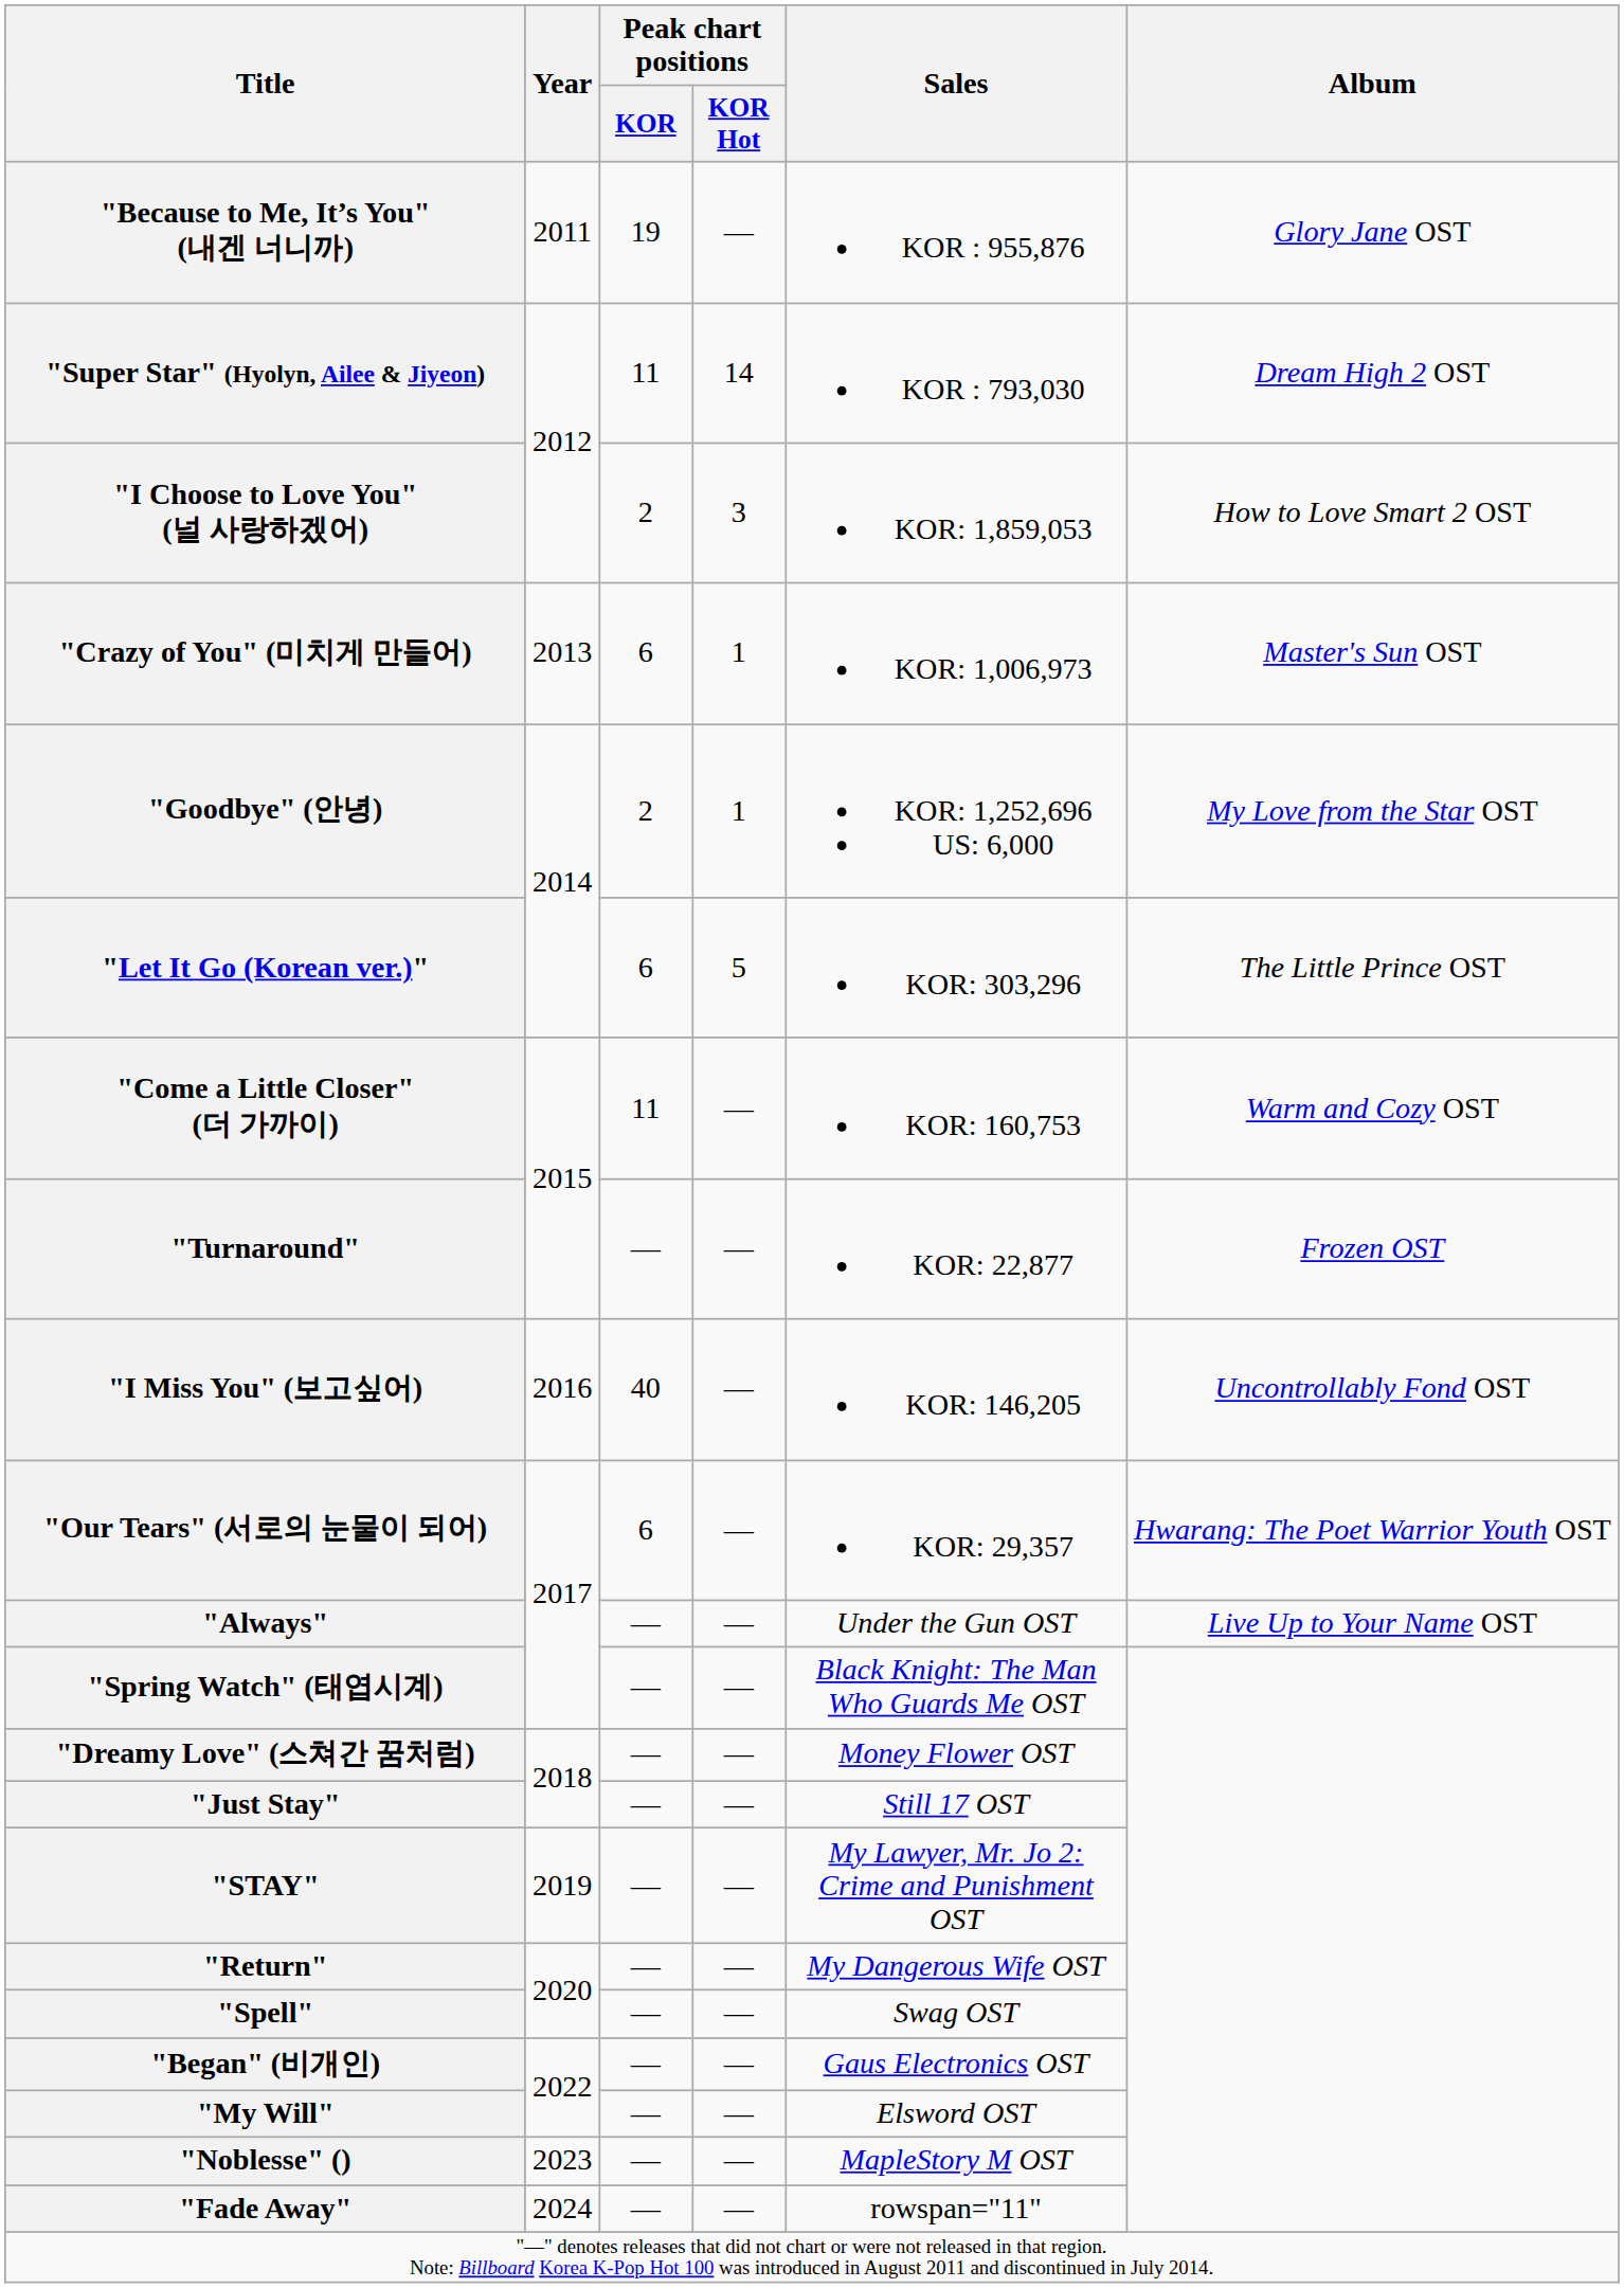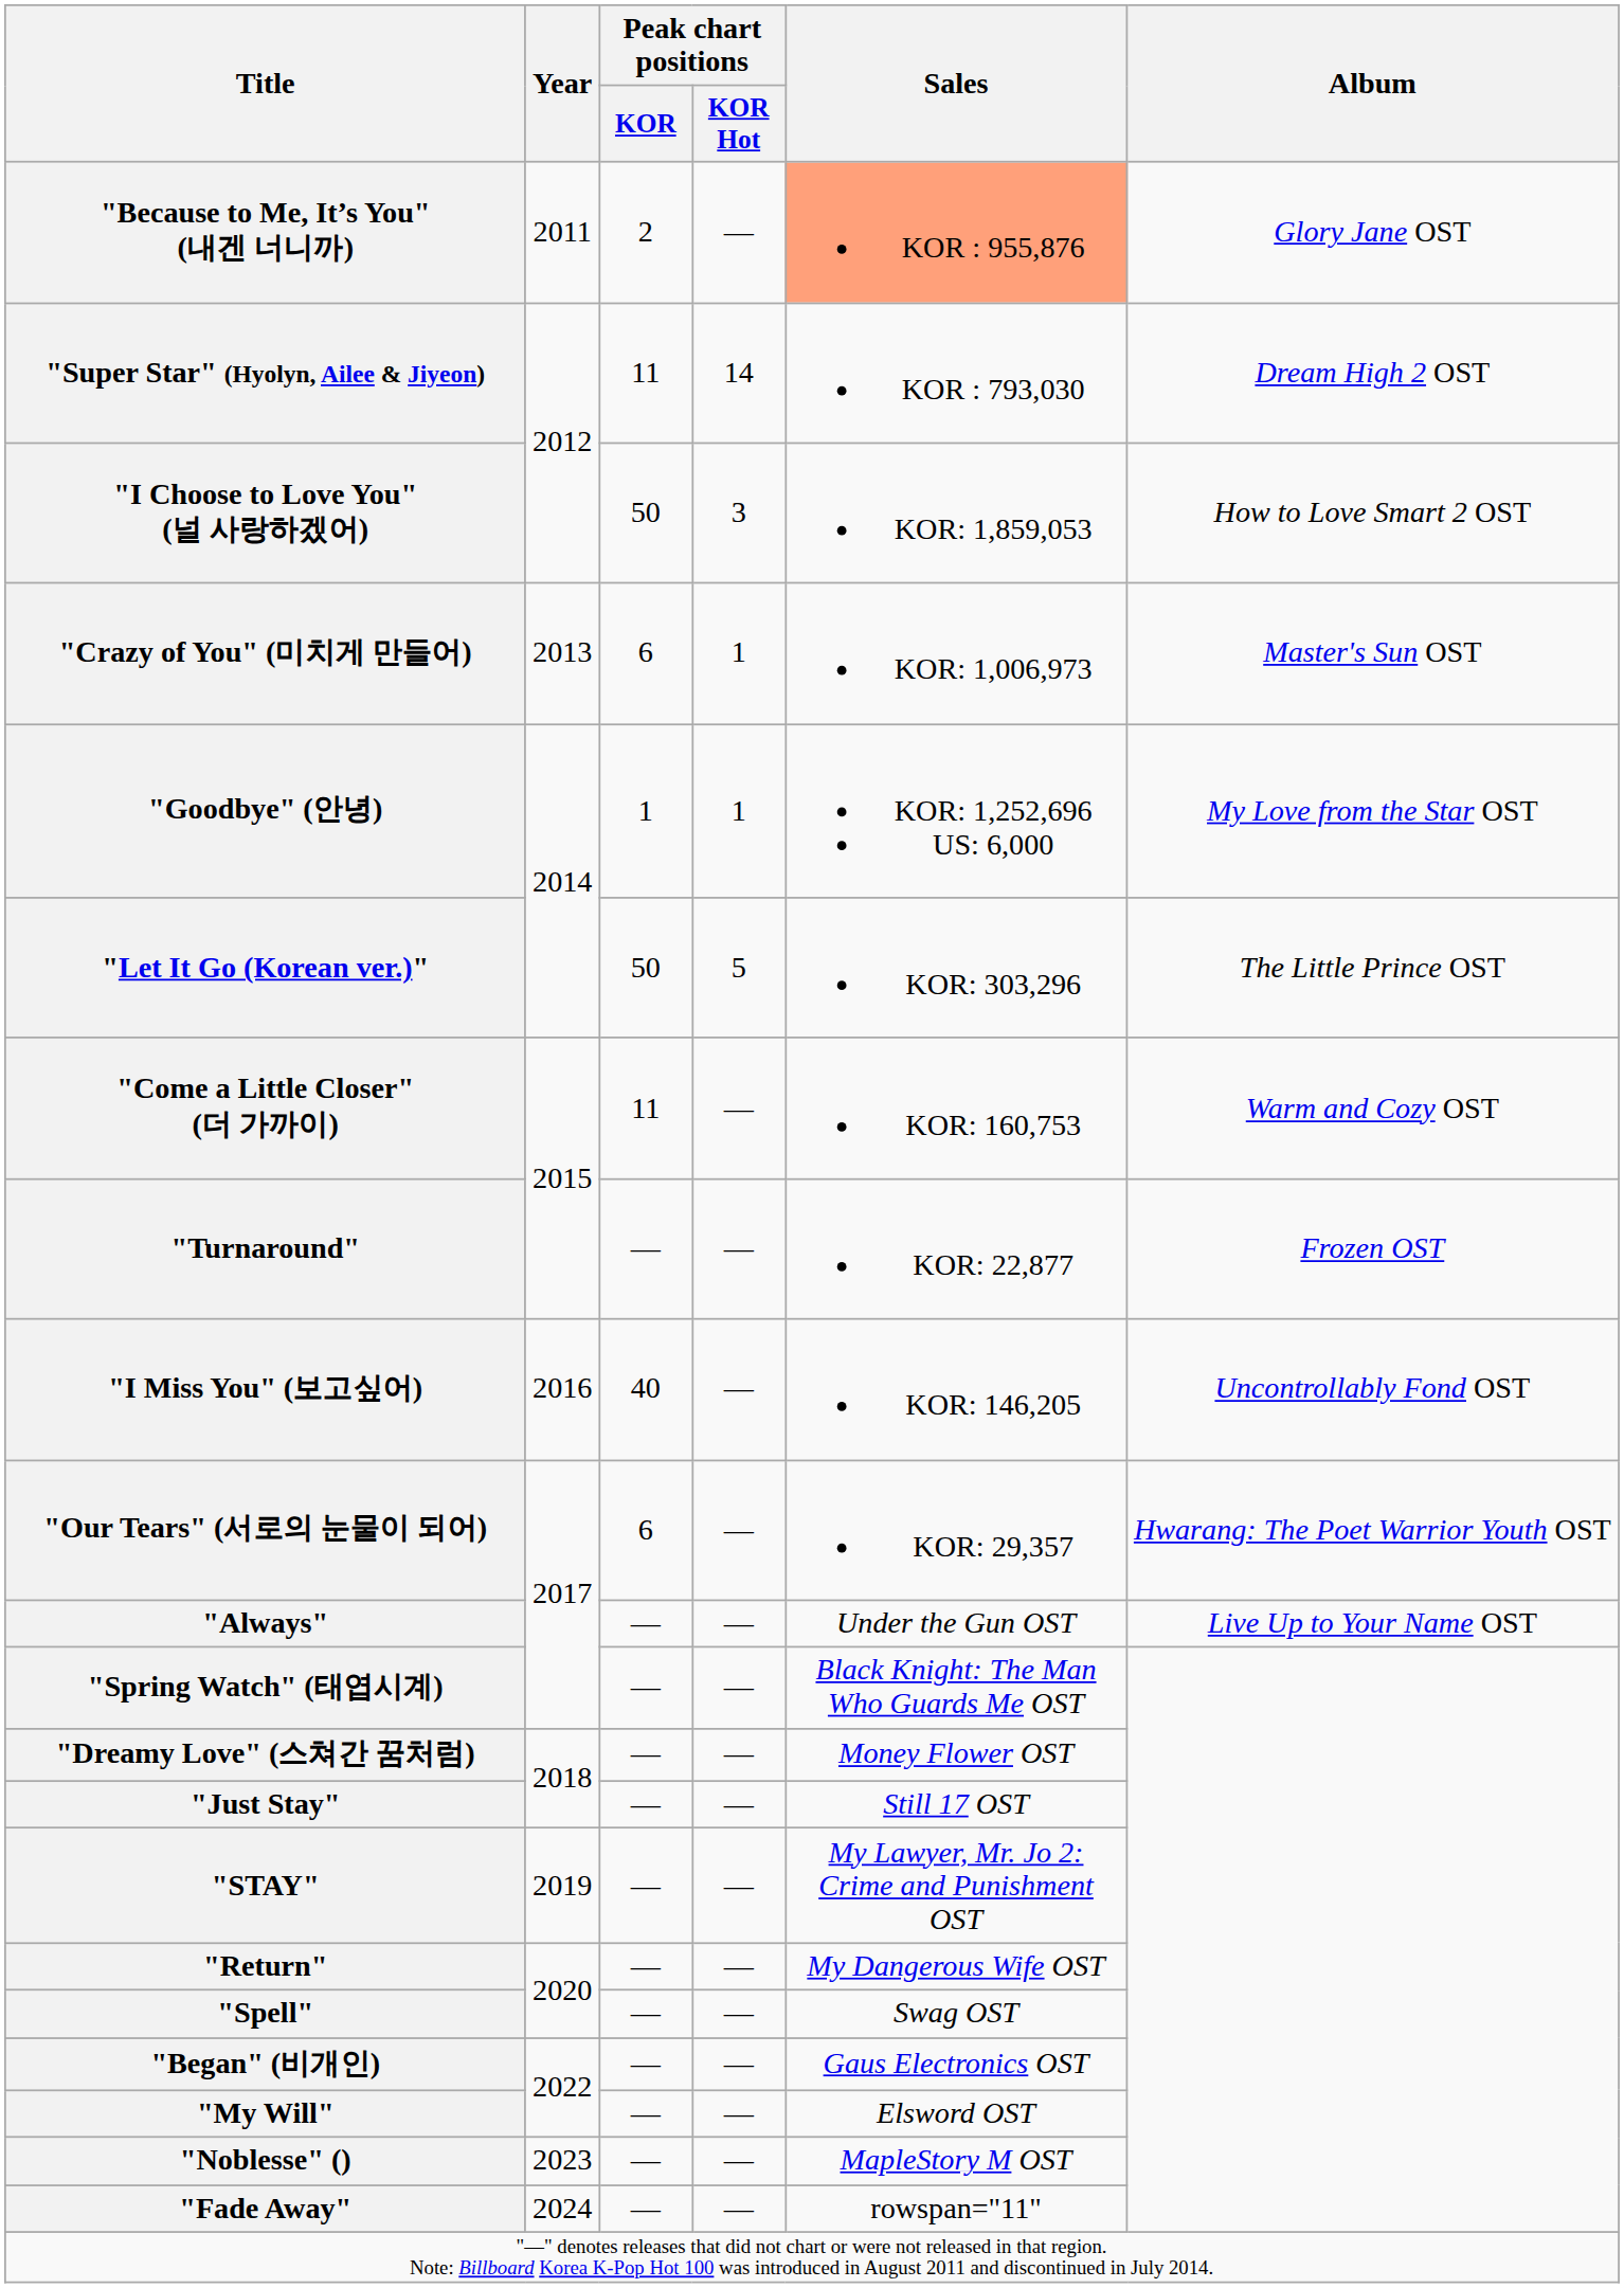 <table class="wikitable plainrowheaders" style="text-align:center;">
 <tr>
 <th scope="col" rowspan="2" style="width:17em;">Title</th>
 <th scope="col" rowspan="2">Year</th>
 <th scope="col" colspan="2">Peak chart positions</th>
 <th scope="col" rowspan="2" style="width:11em;">Sales</th>
 <th scope="col" rowspan="2">Album</th>
 </tr>
 <tr>
 <th scope="col" style="width:3em;font-size:90%;"><a href='#'>KOR</a><br></th>
 <th scope="col" style="width:3em;font-size:90%;"><a href='#'>KOR<br>Hot</a><br></th>
 </tr>
 <tr>
 <th scope="row">"Because to Me, It’s You" <br>(내겐 너니까)</th>
 <td>2011</td>
-<td>19</td>
+<td>2</td>
 <td>—</td>
-<td><br><ul><li>KOR : 955,876</li></ul></td>
+<td style="background: lightsalmon;"><br><ul><li>KOR : 955,876</li></ul></td>
 <td><em><a href='#'>Glory Jane</a></em> OST</td>
 </tr>
 <tr>
 <th scope="row">"Super Star" <small>(Hyolyn, <a href='#'>Ailee</a> & <a href='#'>Jiyeon</a>)</small></th>
 <td rowspan="2">2012</td>
 <td>11</td>
 <td>14</td>
 <td><br><ul><li>KOR : 793,030</li></ul></td>
 <td><em><a href='#'>Dream High 2</a></em> OST</td>
 </tr>
 <tr>
 <th scope="row">"I Choose to Love You" <br>(널 사랑하겠어)</th>
-<td>2</td>
+<td>50</td>
 <td>3</td>
 <td><br><ul><li>KOR: 1,859,053</li></ul></td>
 <td><em>How to Love Smart 2</em> OST</td>
 </tr>
 <tr>
 <th scope="row">"Crazy of You" (미치게 만들어)</th>
 <td>2013</td>
 <td>6</td>
 <td>1</td>
 <td><br><ul><li>KOR: 1,006,973</li></ul></td>
 <td><em><a href='#'>Master's Sun</a></em> OST</td>
 </tr>
 <tr>
 <th scope="row">"Goodbye" (안녕)</th>
 <td rowspan="2">2014</td>
-<td>2</td>
+<td>1</td>
 <td>1</td>
 <td><br><ul><li>KOR: 1,252,696</li><li>US: 6,000</li></ul></td>
 <td><em><a href='#'>My Love from the Star</a></em> OST</td>
 </tr>
 <tr>
 <th scope="row">"<a href='#'>Let It Go (Korean ver.)</a>"</th>
-<td>6</td>
+<td>50</td>
 <td>5</td>
 <td><br><ul><li>KOR: 303,296</li></ul></td>
 <td><em>The Little Prince</em> OST</td>
 </tr>
 <tr>
 <th scope="row">"Come a Little Closer" <br>(더 가까이)</th>
 <td rowspan="2">2015</td>
 <td>11</td>
 <td>—</td>
 <td><br><ul><li>KOR: 160,753</li></ul></td>
 <td><em><a href='#'>Warm and Cozy</a></em> OST</td>
 </tr>
 <tr>
 <th scope="row">"Turnaround"</th>
 <td>—</td>
 <td>—</td>
 <td><br><ul><li>KOR: 22,877</li></ul></td>
 <td><em><a href='#'>Frozen OST</a></em></td>
 </tr>
 <tr>
 <th scope="row">"I Miss You" (보고싶어)</th>
 <td>2016</td>
 <td>40</td>
 <td>—</td>
 <td><br><ul><li>KOR: 146,205</li></ul></td>
 <td><em><a href='#'>Uncontrollably Fond</a></em> OST</td>
 </tr>
 <tr>
 <th scope="row">"Our Tears" (서로의 눈물이 되어)</th>
 <td rowspan="3">2017</td>
 <td>6</td>
 <td>—</td>
 <td><br><ul><li>KOR: 29,357</li></ul></td>
 <td><em><a href='#'>Hwarang: The Poet Warrior Youth</a></em> OST</td>
 </tr>
 <tr>
 <th scope="row">"Always"</th>
 <td>—</td>
 <td>—</td>
 <td><em>Under the Gun OST</em></td>
 <td><em><a href='#'>Live Up to Your Name</a></em> OST</td>
 </tr>
 <tr>
 <th scope="row">"Spring Watch" (태엽시계)</th>
 <td>—</td>
 <td>—</td>
 <td><em><a href='#'>Black Knight: The Man Who Guards Me</a> OST</em></td>
 </tr>
 <tr>
 <th scope="row">"Dreamy Love" (스쳐간 꿈처럼)</th>
 <td rowspan="2">2018</td>
 <td>—</td>
 <td>—</td>
 <td><em><a href='#'>Money Flower</a> OST</em></td>
 </tr>
 <tr>
 <th scope="row">"Just Stay"</th>
 <td>—</td>
 <td>—</td>
 <td><em><a href='#'>Still 17</a> OST</em></td>
 </tr>
 <tr>
 <th scope="row">"STAY"</th>
 <td>2019</td>
 <td>—</td>
 <td>—</td>
 <td><em><a href='#'>My Lawyer, Mr. Jo 2: Crime and Punishment</a> OST</em></td>
 </tr>
 <tr>
 <th scope="row">"Return"</th>
 <td rowspan="2">2020</td>
 <td>—</td>
 <td>—</td>
 <td><em><a href='#'>My Dangerous Wife</a> OST</em></td>
 </tr>
 <tr>
 <th scope="row">"Spell"</th>
 <td>—</td>
 <td>—</td>
 <td><em>Swag OST</em></td>
 </tr>
 <tr>
 <th scope="row">"Began" (비개인)</th>
 <td rowspan="2">2022</td>
 <td>—</td>
 <td>—</td>
 <td><em><a href='#'>Gaus Electronics</a> OST</em></td>
 </tr>
 <tr>
 <th scope="row">"My Will"</th>
 <td>—</td>
 <td>—</td>
 <td><em>Elsword OST</em></td>
 </tr>
 <tr>
 <th scope="row">"Noblesse" ()</th>
 <td>2023</td>
 <td>—</td>
 <td>—</td>
 <td><em><a href='#'>MapleStory M</a> OST</em></td>
 </tr>
 <tr>
 <th scope="row">"Fade Away"</th>
 <td>2024</td>
 <td>—</td>
 <td>—</td>
 <td>rowspan="11" </td>
 </tr>
 <tr>
 <td colspan="6" style="text-align:center; font-size:8pt;">"—" denotes releases that did not chart or were not released in that region.<br>Note: <em><a href='#'>Billboard</a></em> <a href='#'>Korea K-Pop Hot 100</a> was introduced in August 2011 and discontinued in July 2014.</td>
 </tr>
 </table>
